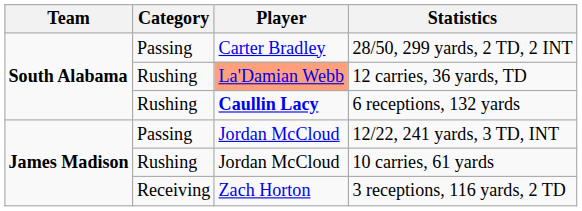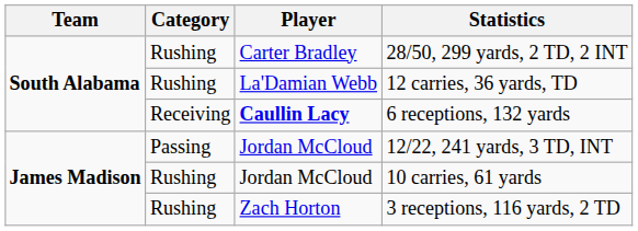 <table class="wikitable" style="float: right;">
 <tr>
 <th>Team</th>
 <th>Category</th>
 <th>Player</th>
 <th>Statistics</th>
 </tr>
 <tr>
 <td rowspan=3><strong>South Alabama</strong></td>
-<td>Passing</td>
+<td>Rushing</td>
 <td><a href='#'>Carter Bradley</a></td>
 <td>28/50, 299 yards, 2 TD, 2 INT</td>
 </tr>
 <tr>
 <td>Rushing</td>
-<td style="background: lightsalmon;"><a href='#'>La'Damian Webb</a></td>
+<td><a href='#'>La'Damian Webb</a></td>
 <td>12 carries, 36 yards, TD</td>
 </tr>
 <tr>
-<td>Rushing</td>
+<td>Receiving</td>
 <td><strong><a href='#'>Caullin Lacy</a></strong></td>
 <td>6 receptions, 132 yards</td>
 </tr>
 <tr>
 <td rowspan=3><strong>James Madison</strong></td>
 <td>Passing</td>
 <td><a href='#'>Jordan McCloud</a></td>
 <td>12/22, 241 yards, 3 TD, INT</td>
 </tr>
 <tr>
 <td>Rushing</td>
 <td>Jordan McCloud</td>
 <td>10 carries, 61 yards</td>
 </tr>
 <tr>
-<td>Receiving</td>
+<td>Rushing</td>
 <td><a href='#'>Zach Horton</a></td>
 <td>3 receptions, 116 yards, 2 TD</td>
 </tr>
 </table>
